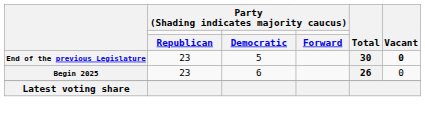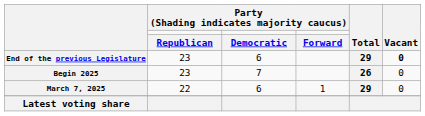 <table class=wikitable style="text-align:center">
 <tr style="vertical-align:bottom;">
 <th rowspan=3></th>
 <th colspan=3>Party <div>(Shading indicates majority caucus)</div></th>
 <th rowspan=3>Total</th>
 <th rowspan=3>Vacant</th>
 </tr>
 <tr>
 <td style="background-color:"></td>
 <td style="background-color:"></td>
 <td style="background-color:"></td>
 </tr>
 <tr>
 <th><a href='#'>Republican</a></th>
 <th><a href='#'>Democratic</a></th>
 <th><a href='#'>Forward</a></th>
 </tr>
 <tr>
 <th nowrap style="font-size:80%">End of the <a href='#'>previous Legislature</a></th>
 <td>23</td>
-<td>5</td>
+<td>6</td>
 <td></td>
-<th>30</th>
+<th>29</th>
 <td><strong>0</strong></td>
 </tr>
 <tr>
 <th nowrap style="font-size:80%">Begin 2025</th>
 <td>23</td>
-<td>6</td>
+<td>7</td>
 <td></td>
 <th>26</th>
+<td>0</td>
+</tr>
+<tr>
+<th nowrap style="font-size:80%">March 7, 2025</th>
+<td>22</td>
+<td>6</td>
+<td>1</td>
+<th>29</th>
 <td>0</td>
 </tr>
 <tr>
 </tr>
 <tr>
 <th>Latest voting share</th>
 <th></th>
 <th></th>
 <th></th>
 <th colspan="2"></th>
 </tr>
 </table>
